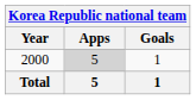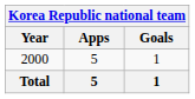 <table class="wikitable" style="text-align:center">
 <tr>
 <th colspan=3><a href='#'>Korea Republic national team</a></th>
 </tr>
 <tr>
 <th>Year</th>
 <th>Apps</th>
 <th>Goals</th>
 </tr>
 <tr>
 <td>2000</td>
-<td style="background: lightgrey;">5</td>
+<td>5</td>
 <td>1</td>
 </tr>
 <tr>
 <th>Total</th>
 <th>5</th>
 <th>1</th>
 </tr>
 </table>
